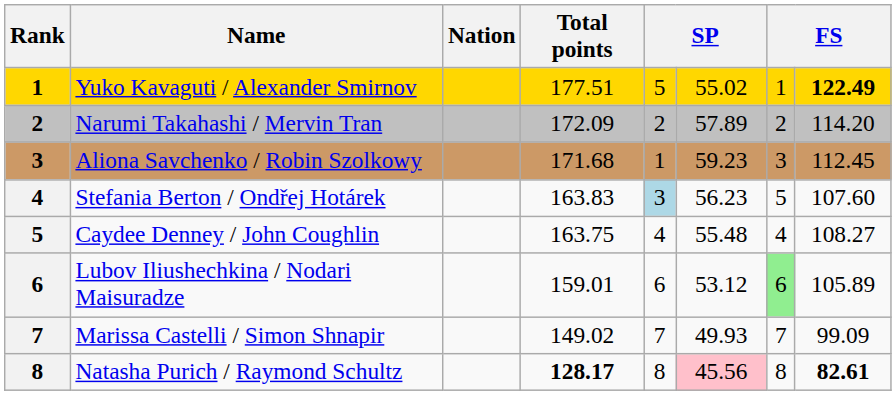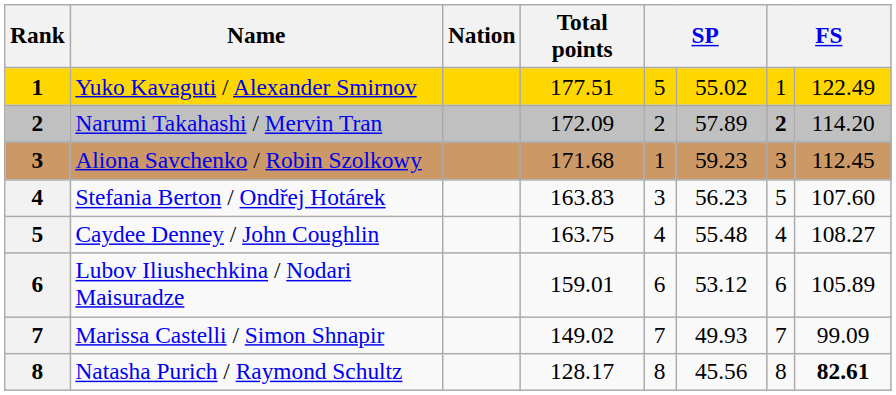 <table class="wikitable sortable">
 <tr>
 <th>Rank</th>
 <th>Name</th>
 <th>Nation</th>
 <th>Total points</th>
 <th colspan="2" width="80px"><a href='#'>SP</a></th>
 <th colspan="2" width="80px"><a href='#'>FS</a></th>
 </tr>
 <tr bgcolor="gold">
 <td align="center"><strong>1</strong></td>
 <td><a href='#'>Yuko Kavaguti</a> / <a href='#'>Alexander Smirnov</a></td>
 <td></td>
 <td align="center">177.51</td>
 <td align="center">5</td>
 <td align="center">55.02</td>
 <td align="center">1</td>
-<td align="center"><strong>122.49</strong></td>
+<td align="center">122.49</td>
 </tr>
 <tr bgcolor="silver">
 <td align="center"><strong>2</strong></td>
 <td><a href='#'>Narumi Takahashi</a> / <a href='#'>Mervin Tran</a></td>
 <td></td>
 <td align="center">172.09</td>
 <td align="center">2</td>
 <td align="center">57.89</td>
-<td align="center">2</td>
+<td align="center"><strong>2</strong></td>
 <td align="center">114.20</td>
 </tr>
 <tr bgcolor="cc9966">
 <td align="center"><strong>3</strong></td>
 <td><a href='#'>Aliona Savchenko</a> / <a href='#'>Robin Szolkowy</a></td>
 <td></td>
 <td align="center">171.68</td>
 <td align="center">1</td>
 <td align="center">59.23</td>
 <td align="center">3</td>
 <td align="center">112.45</td>
 </tr>
 <tr>
 <th>4</th>
 <td><a href='#'>Stefania Berton</a> / <a href='#'>Ondřej Hotárek</a></td>
 <td></td>
 <td align="center">163.83</td>
-<td align="center" style="background: lightblue;">3</td>
+<td align="center">3</td>
 <td align="center">56.23</td>
 <td align="center">5</td>
 <td align="center">107.60</td>
 </tr>
 <tr>
 <th>5</th>
 <td><a href='#'>Caydee Denney</a> / <a href='#'>John Coughlin</a></td>
 <td></td>
 <td align="center">163.75</td>
 <td align="center">4</td>
 <td align="center">55.48</td>
 <td align="center">4</td>
 <td align="center">108.27</td>
 </tr>
 <tr>
 <th>6</th>
 <td><a href='#'>Lubov Iliushechkina</a> / <a href='#'>Nodari Maisuradze</a></td>
 <td></td>
 <td align="center">159.01</td>
 <td align="center">6</td>
 <td align="center">53.12</td>
-<td align="center" style="background: lightgreen;">6</td>
+<td align="center">6</td>
 <td align="center">105.89</td>
 </tr>
 <tr>
 <th>7</th>
 <td><a href='#'>Marissa Castelli</a> / <a href='#'>Simon Shnapir</a></td>
 <td></td>
 <td align="center">149.02</td>
 <td align="center">7</td>
 <td align="center">49.93</td>
 <td align="center">7</td>
 <td align="center">99.09</td>
 </tr>
 <tr>
 <th>8</th>
 <td><a href='#'>Natasha Purich</a> / <a href='#'>Raymond Schultz</a></td>
 <td></td>
-<td align="center"><strong>128.17</strong></td>
+<td align="center">128.17</td>
 <td align="center">8</td>
-<td align="center" style="background: pink;">45.56</td>
+<td align="center">45.56</td>
 <td align="center">8</td>
 <td align="center"><strong>82.61</strong></td>
 </tr>
 </table>
